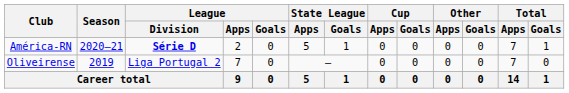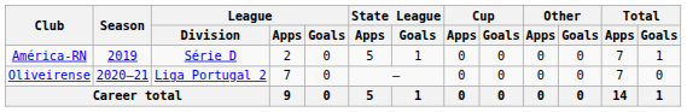 <table class="wikitable" style="text-align: center">
 <tr>
 <th rowspan="2">Club</th>
 <th rowspan="2">Season</th>
 <th colspan="3">League</th>
 <th colspan="2">State League</th>
 <th colspan="2">Cup</th>
 <th colspan="2">Other</th>
 <th colspan="2">Total</th>
 </tr>
 <tr>
 <th>Division</th>
 <th>Apps</th>
 <th>Goals</th>
 <th>Apps</th>
 <th>Goals</th>
 <th>Apps</th>
 <th>Goals</th>
 <th>Apps</th>
 <th>Goals</th>
 <th>Apps</th>
 <th>Goals</th>
 </tr>
 <tr>
 <td><a href='#'>América-RN</a></td>
-<td><a href='#'>2020–21</a></td>
-<td><strong><a href='#'>Série D</a></strong></td>
+<td><a href='#'>2019</a></td>
+<td><a href='#'>Série D</a></td>
 <td>2</td>
 <td>0</td>
 <td>5</td>
 <td>1</td>
 <td>0</td>
 <td>0</td>
 <td>0</td>
 <td>0</td>
 <td>7</td>
 <td>1</td>
 </tr>
 <tr>
 <td><a href='#'>Oliveirense</a></td>
-<td><a href='#'>2019</a></td>
+<td><a href='#'>2020–21</a></td>
 <td><a href='#'>Liga Portugal 2</a></td>
 <td>7</td>
 <td>0</td>
 <td colspan="2">–</td>
 <td>0</td>
 <td>0</td>
 <td>0</td>
 <td>0</td>
 <td>7</td>
 <td>0</td>
 </tr>
 <tr>
 <th colspan="3"><strong>Career total</strong></th>
 <th>9</th>
 <th>0</th>
 <th>5</th>
 <th>1</th>
 <th>0</th>
 <th>0</th>
 <th>0</th>
 <th>0</th>
 <th>14</th>
 <th>1</th>
 </tr>
 </table>
